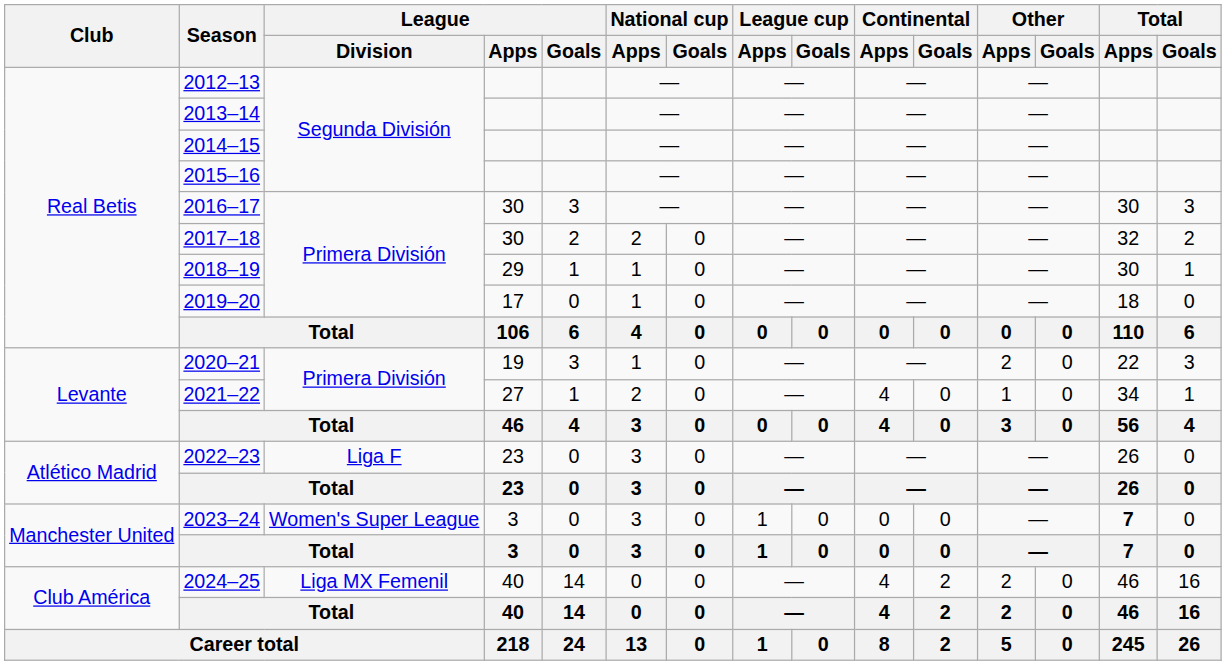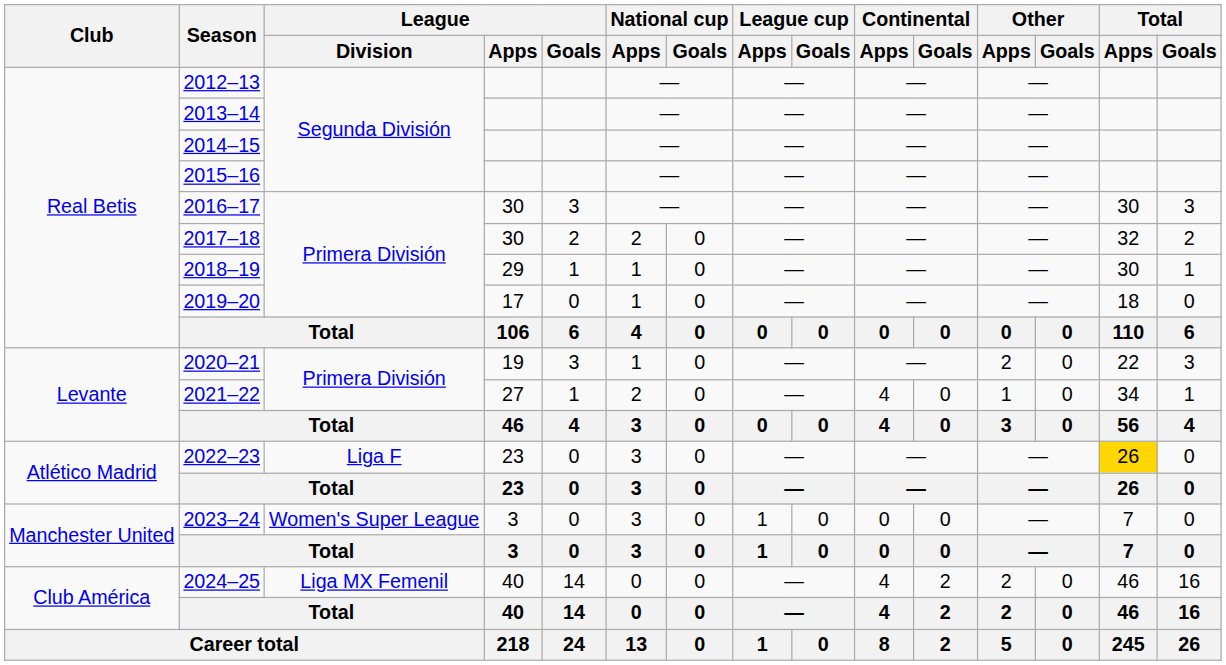 <table class="wikitable" style="text-align:center">
 <tr>
 <th rowspan="2">Club</th>
 <th rowspan="2">Season</th>
 <th colspan="3">League</th>
 <th colspan="2">National cup</th>
 <th colspan="2">League cup</th>
 <th colspan="2">Continental</th>
 <th colspan="2">Other</th>
 <th colspan="2">Total</th>
 </tr>
 <tr>
 <th>Division</th>
 <th>Apps</th>
 <th>Goals</th>
 <th>Apps</th>
 <th>Goals</th>
 <th>Apps</th>
 <th>Goals</th>
 <th>Apps</th>
 <th>Goals</th>
 <th>Apps</th>
 <th>Goals</th>
 <th>Apps</th>
 <th>Goals</th>
 </tr>
 <tr>
 <td rowspan="9"><a href='#'>Real Betis</a></td>
 <td><a href='#'>2012–13</a></td>
 <td rowspan="4"><a href='#'>Segunda División</a></td>
 <td></td>
 <td></td>
 <td colspan="2">—</td>
 <td colspan="2">—</td>
 <td colspan="2">—</td>
 <td colspan="2">—</td>
 <td></td>
 <td></td>
 </tr>
 <tr>
 <td><a href='#'>2013–14</a></td>
 <td></td>
 <td></td>
 <td colspan="2">—</td>
 <td colspan="2">—</td>
 <td colspan="2">—</td>
 <td colspan="2">—</td>
 <td></td>
 <td></td>
 </tr>
 <tr>
 <td><a href='#'>2014–15</a></td>
 <td></td>
 <td></td>
 <td colspan="2">—</td>
 <td colspan="2">—</td>
 <td colspan="2">—</td>
 <td colspan="2">—</td>
 <td></td>
 <td></td>
 </tr>
 <tr>
 <td><a href='#'>2015–16</a></td>
 <td></td>
 <td></td>
 <td colspan="2">—</td>
 <td colspan="2">—</td>
 <td colspan="2">—</td>
 <td colspan="2">—</td>
 <td></td>
 <td></td>
 </tr>
 <tr>
 <td><a href='#'>2016–17</a></td>
 <td rowspan="4"><a href='#'>Primera División</a></td>
 <td>30</td>
 <td>3</td>
 <td colspan="2">—</td>
 <td colspan="2">—</td>
 <td colspan="2">—</td>
 <td colspan="2">—</td>
 <td>30</td>
 <td>3</td>
 </tr>
 <tr>
 <td><a href='#'>2017–18</a></td>
 <td>30</td>
 <td>2</td>
 <td>2</td>
 <td>0</td>
 <td colspan="2">—</td>
 <td colspan="2">—</td>
 <td colspan="2">—</td>
 <td>32</td>
 <td>2</td>
 </tr>
 <tr>
 <td><a href='#'>2018–19</a></td>
 <td>29</td>
 <td>1</td>
 <td>1</td>
 <td>0</td>
 <td colspan="2">—</td>
 <td colspan="2">—</td>
 <td colspan="2">—</td>
 <td>30</td>
 <td>1</td>
 </tr>
 <tr>
 <td><a href='#'>2019–20</a></td>
 <td>17</td>
 <td>0</td>
 <td>1</td>
 <td>0</td>
 <td colspan="2">—</td>
 <td colspan="2">—</td>
 <td colspan="2">—</td>
 <td>18</td>
 <td>0</td>
 </tr>
 <tr>
 <th colspan="2">Total</th>
 <th>106</th>
 <th>6</th>
 <th>4</th>
 <th>0</th>
 <th>0</th>
 <th>0</th>
 <th>0</th>
 <th>0</th>
 <th>0</th>
 <th>0</th>
 <th>110</th>
 <th>6</th>
 </tr>
 <tr>
 <td rowspan="3"><a href='#'>Levante</a></td>
 <td><a href='#'>2020–21</a></td>
 <td rowspan="2"><a href='#'>Primera División</a></td>
 <td>19</td>
 <td>3</td>
 <td>1</td>
 <td>0</td>
 <td colspan="2">—</td>
 <td colspan="2">—</td>
 <td>2</td>
 <td>0</td>
 <td>22</td>
 <td>3</td>
 </tr>
 <tr>
 <td><a href='#'>2021–22</a></td>
 <td>27</td>
 <td>1</td>
 <td>2</td>
 <td>0</td>
 <td colspan="2">—</td>
 <td>4</td>
 <td>0</td>
 <td>1</td>
 <td>0</td>
 <td>34</td>
 <td>1</td>
 </tr>
 <tr>
 <th colspan="2">Total</th>
 <th>46</th>
 <th>4</th>
 <th>3</th>
 <th>0</th>
 <th>0</th>
 <th>0</th>
 <th>4</th>
 <th>0</th>
 <th>3</th>
 <th>0</th>
 <th>56</th>
 <th>4</th>
 </tr>
 <tr>
 <td rowspan="2"><a href='#'>Atlético Madrid</a></td>
 <td><a href='#'>2022–23</a></td>
 <td><a href='#'>Liga F</a></td>
 <td>23</td>
 <td>0</td>
 <td>3</td>
 <td>0</td>
 <td colspan="2">—</td>
 <td colspan="2">—</td>
 <td colspan="2">—</td>
-<td>26</td>
+<td style="background: gold;">26</td>
 <td>0</td>
 </tr>
 <tr>
 <th colspan="2">Total</th>
 <th>23</th>
 <th>0</th>
 <th>3</th>
 <th>0</th>
 <th colspan="2">—</th>
 <th colspan="2">—</th>
 <th colspan="2">—</th>
 <th>26</th>
 <th>0</th>
 </tr>
 <tr>
 <td rowspan="2"><a href='#'>Manchester United</a></td>
 <td><a href='#'>2023–24</a></td>
 <td><a href='#'>Women's Super League</a></td>
 <td>3</td>
 <td>0</td>
 <td>3</td>
 <td>0</td>
 <td>1</td>
 <td>0</td>
 <td>0</td>
 <td>0</td>
 <td colspan="2">—</td>
-<td><strong>7</strong></td>
+<td>7</td>
 <td>0</td>
 </tr>
 <tr>
 <th colspan="2">Total</th>
 <th>3</th>
 <th>0</th>
 <th>3</th>
 <th>0</th>
 <th>1</th>
 <th>0</th>
 <th>0</th>
 <th>0</th>
 <th colspan="2">—</th>
 <th>7</th>
 <th>0</th>
 </tr>
 <tr>
 <td rowspan="2"><a href='#'>Club América</a></td>
 <td><a href='#'>2024–25</a></td>
 <td><a href='#'>Liga MX Femenil</a></td>
 <td>40</td>
 <td>14</td>
 <td>0</td>
 <td>0</td>
 <td colspan="2">—</td>
 <td>4</td>
 <td>2</td>
 <td>2</td>
 <td>0</td>
 <td>46</td>
 <td>16</td>
 </tr>
 <tr>
 <th colspan="2">Total</th>
 <th>40</th>
 <th>14</th>
 <th>0</th>
 <th>0</th>
 <th colspan="2">—</th>
 <th>4</th>
 <th>2</th>
 <th>2</th>
 <th>0</th>
 <th>46</th>
 <th>16</th>
 </tr>
 <tr>
 <th colspan="3">Career total</th>
 <th>218</th>
 <th>24</th>
 <th>13</th>
 <th>0</th>
 <th>1</th>
 <th>0</th>
 <th>8</th>
 <th>2</th>
 <th>5</th>
 <th>0</th>
 <th>245</th>
 <th>26</th>
 </tr>
 </table>
